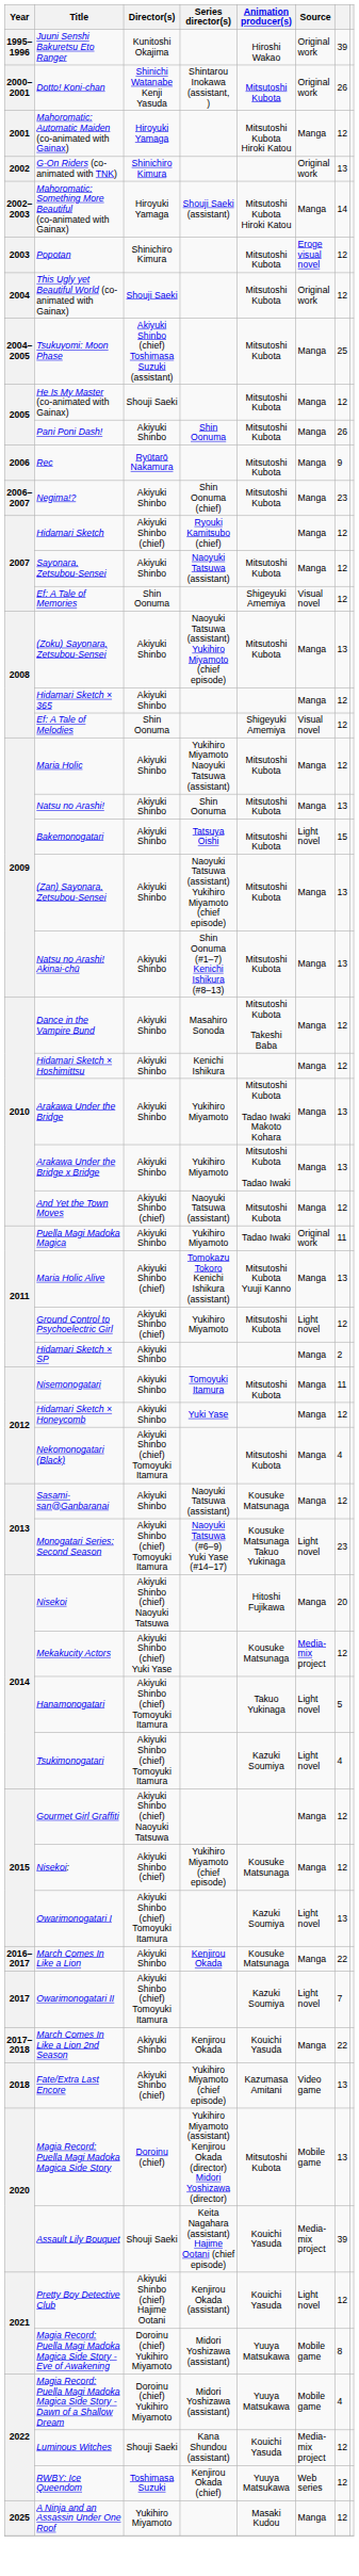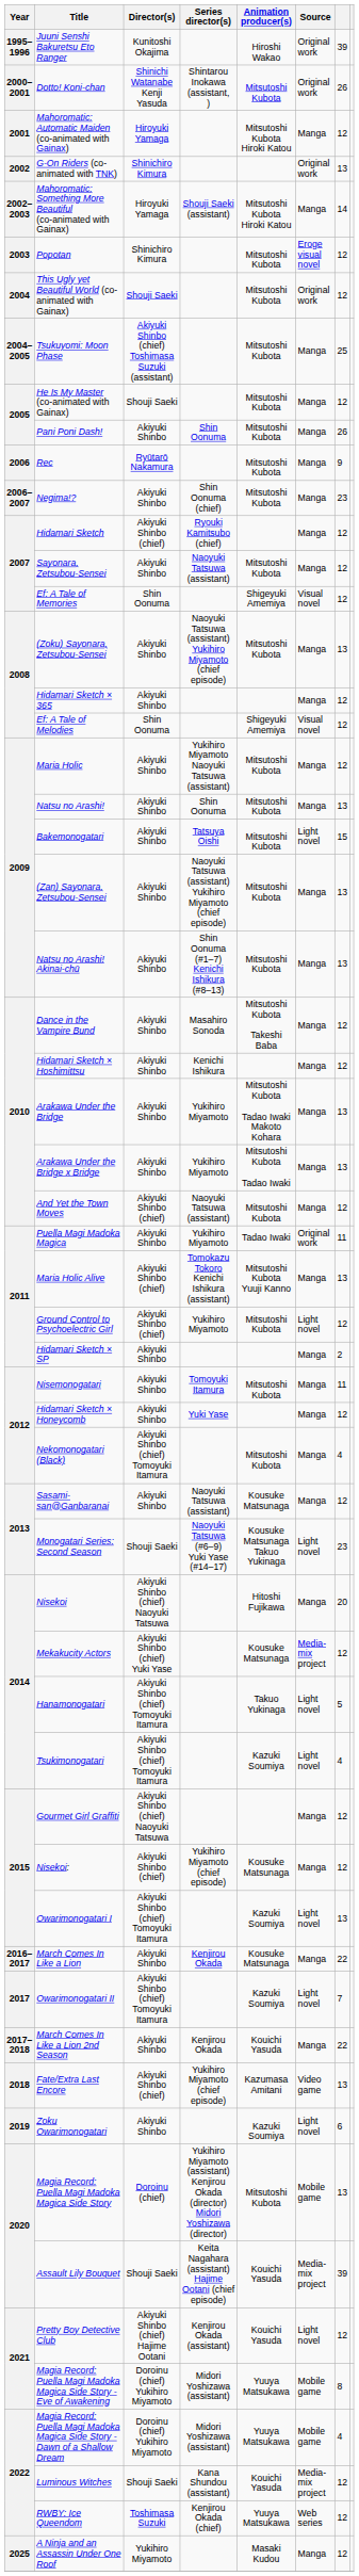 <table class="wikitable sortable plainrowheaders">
 <tr>
 <th scope="col" class="unsortable" width=10>Year</th>
 <th scope="col">Title</th>
 <th scope="col">Director(s)</th>
 <th scope="col">Series director(s)</th>
 <th scope="col"><a href='#'>Animation producer(s)</a></th>
 <th scope="col">Source</th>
 <th scope="col"></th>
 <th scope="col" class="unsortable"></th>
 </tr>
 <tr>
 <th scope="row">1995–1996</th>
 <td><em><a href='#'>Juuni Senshi Bakuretsu Eto Ranger</a></em></td>
 <td style=text-align:center>Kunitoshi Okajima</td>
 <td></td>
 <td style=text-align:center><br>Hiroshi Wakao</td>
 <td>Original work</td>
 <td>39</td>
 <td></td>
 </tr>
 <tr>
 <th scope="row">2000–2001</th>
 <td><em><a href='#'>Dotto! Koni-chan</a></em></td>
 <td style=text-align:center><a href='#'>Shinichi Watanabe</a> <br>Kenji Yasuda </td>
 <td style=text-align:center>Shintarou Inokawa (assistant,<br>)</td>
 <td style=text-align:center><br><a href='#'>Mitsutoshi Kubota</a></td>
 <td>Original work</td>
 <td>26</td>
 <td></td>
 </tr>
 <tr>
 <th scope="row">2001</th>
 <td><em><a href='#'>Mahoromatic: Automatic Maiden</a></em> (co-animated with <a href='#'>Gainax</a>)</td>
 <td style=text-align:center><a href='#'>Hiroyuki Yamaga</a></td>
 <td></td>
 <td style=text-align:center><br>Mitsutoshi Kubota<br>Hiroki Katou</td>
 <td>Manga</td>
 <td>12</td>
 <td></td>
 </tr>
 <tr>
 <th scope="row">2002</th>
 <td><em><a href='#'>G-On Riders</a></em> (co-animated with <a href='#'>TNK</a>)</td>
 <td style=text-align:center><a href='#'>Shinichiro Kimura</a></td>
 <td></td>
 <td></td>
 <td>Original work</td>
 <td>13</td>
 <td></td>
 </tr>
 <tr>
 <th scope="row">2002–2003</th>
 <td><em><a href='#'>Mahoromatic: Something More Beautiful</a></em><br>(co-animated with Gainax)</td>
 <td style=text-align:center>Hiroyuki Yamaga</td>
 <td style=text-align:center><a href='#'>Shouji Saeki</a> (assistant)</td>
 <td style=text-align:center><br>Mitsutoshi Kubota<br>Hiroki Katou</td>
 <td>Manga</td>
 <td>14</td>
 <td></td>
 </tr>
 <tr>
 <th scope="row">2003</th>
 <td><em><a href='#'>Popotan</a></em></td>
 <td style=text-align:center>Shinichiro Kimura</td>
 <td></td>
 <td style=text-align:center><br>Mitsutoshi Kubota</td>
 <td><a href='#'>Eroge</a> <a href='#'>visual novel</a></td>
 <td>12</td>
 <td></td>
 </tr>
 <tr>
 <th scope="row">2004</th>
 <td><em><a href='#'>This Ugly yet Beautiful World</a></em> (co-animated with Gainax)</td>
 <td style=text-align:center><a href='#'>Shouji Saeki</a></td>
 <td></td>
 <td style=text-align:center>Mitsutoshi Kubota</td>
 <td>Original work</td>
 <td>12</td>
 <td></td>
 </tr>
 <tr>
 <th scope="row">2004–2005</th>
 <td><em><a href='#'>Tsukuyomi: Moon Phase</a></em></td>
 <td style=text-align:center><a href='#'>Akiyuki Shinbo</a> (chief)<br><a href='#'>Toshimasa Suzuki</a> (assistant)</td>
 <td></td>
 <td style=text-align:center>Mitsutoshi Kubota</td>
 <td>Manga</td>
 <td>25</td>
 <td></td>
 </tr>
 <tr>
 <th scope="row" rowspan="2">2005</th>
 <td><em><a href='#'>He Is My Master</a></em> (co-animated with Gainax)</td>
 <td style=text-align:center>Shouji Saeki</td>
 <td></td>
 <td style=text-align:center>Mitsutoshi Kubota</td>
 <td>Manga</td>
 <td>12</td>
 <td></td>
 </tr>
 <tr>
 <td><em><a href='#'>Pani Poni Dash!</a></em></td>
 <td style=text-align:center>Akiyuki Shinbo</td>
 <td style=text-align:center><a href='#'>Shin Oonuma</a></td>
 <td style=text-align:center>Mitsutoshi Kubota</td>
 <td>Manga</td>
 <td>26</td>
 <td></td>
 </tr>
 <tr>
 <th scope="row">2006</th>
 <td><em><a href='#'>Rec</a></em></td>
 <td style=text-align:center><a href='#'>Ryūtarō Nakamura</a></td>
 <td></td>
 <td style=text-align:center><br>Mitsutoshi Kubota</td>
 <td>Manga</td>
 <td>9</td>
 <td></td>
 </tr>
 <tr>
 <th scope="row">2006–2007</th>
 <td><em><a href='#'>Negima!?</a></em></td>
 <td style=text-align:center>Akiyuki Shinbo</td>
 <td style=text-align:center>Shin Oonuma (chief)</td>
 <td style=text-align:center>Mitsutoshi Kubota</td>
 <td>Manga</td>
 <td>23</td>
 <td></td>
 </tr>
 <tr>
 <th scope="row" rowspan="3">2007</th>
 <td><em><a href='#'>Hidamari Sketch</a></em></td>
 <td style=text-align:center>Akiyuki Shinbo (chief)</td>
 <td style=text-align:center><a href='#'>Ryouki Kamitsubo</a> (chief)</td>
 <td></td>
 <td>Manga</td>
 <td>12</td>
 <td></td>
 </tr>
 <tr>
 <td><em><a href='#'>Sayonara, Zetsubou-Sensei</a></em></td>
 <td style=text-align:center>Akiyuki Shinbo</td>
 <td style=text-align:center><a href='#'>Naoyuki Tatsuwa</a> (assistant)</td>
 <td style=text-align:center>Mitsutoshi Kubota</td>
 <td>Manga</td>
 <td>12</td>
 <td></td>
 </tr>
 <tr>
 <td><em><a href='#'>Ef: A Tale of Memories</a></em></td>
 <td style=text-align:center>Shin Oonuma</td>
 <td></td>
 <td style=text-align:center>Shigeyuki Amemiya</td>
 <td>Visual novel</td>
 <td>12</td>
 <td></td>
 </tr>
 <tr>
 <th scope="row" rowspan="3">2008</th>
 <td><em><a href='#'>(Zoku) Sayonara, Zetsubou-Sensei</a></em></td>
 <td style=text-align:center>Akiyuki Shinbo</td>
 <td style=text-align:center>Naoyuki Tatsuwa (assistant)<br><a href='#'>Yukihiro Miyamoto</a> (chief episode)</td>
 <td style=text-align:center>Mitsutoshi Kubota</td>
 <td>Manga</td>
 <td>13</td>
 <td></td>
 </tr>
 <tr>
 <td><em><a href='#'>Hidamari Sketch × 365</a></em></td>
 <td style=text-align:center>Akiyuki Shinbo</td>
 <td></td>
 <td></td>
 <td>Manga</td>
 <td>12</td>
 <td></td>
 </tr>
 <tr>
 <td><em><a href='#'>Ef: A Tale of Melodies</a></em></td>
 <td style=text-align:center>Shin Oonuma</td>
 <td></td>
 <td style=text-align:center>Shigeyuki Amemiya</td>
 <td>Visual novel</td>
 <td>12</td>
 <td></td>
 </tr>
 <tr>
 <th scope="row" rowspan="5">2009</th>
 <td><em><a href='#'>Maria Holic</a></em></td>
 <td style=text-align:center>Akiyuki Shinbo</td>
 <td style=text-align:center>Yukihiro Miyamoto<br>Naoyuki Tatsuwa (assistant)</td>
 <td style=text-align:center>Mitsutoshi Kubota</td>
 <td>Manga</td>
 <td>12</td>
 <td></td>
 </tr>
 <tr>
 <td><em><a href='#'>Natsu no Arashi!</a></em></td>
 <td style=text-align:center>Akiyuki Shinbo</td>
 <td style=text-align:center>Shin Oonuma</td>
 <td style=text-align:center>Mitsutoshi Kubota</td>
 <td>Manga</td>
 <td>13</td>
 <td></td>
 </tr>
 <tr>
 <td><em><a href='#'>Bakemonogatari</a></em></td>
 <td style=text-align:center>Akiyuki Shinbo</td>
 <td style=text-align:center><a href='#'>Tatsuya Oishi</a></td>
 <td style=text-align:center><br>Mitsutoshi Kubota</td>
 <td>Light novel</td>
 <td>15</td>
 <td></td>
 </tr>
 <tr>
 <td><em><a href='#'>(Zan) Sayonara, Zetsubou-Sensei</a></em></td>
 <td style=text-align:center>Akiyuki Shinbo</td>
 <td style=text-align:center>Naoyuki Tatsuwa (assistant)<br>Yukihiro Miyamoto (chief episode)</td>
 <td style=text-align:center>Mitsutoshi Kubota</td>
 <td>Manga</td>
 <td>13</td>
 <td></td>
 </tr>
 <tr>
 <td><em><a href='#'>Natsu no Arashi! Akinai-chū</a></em></td>
 <td style=text-align:center>Akiyuki Shinbo</td>
 <td style=text-align:center>Shin Oonuma (#1–7)<br><a href='#'>Kenichi Ishikura</a> (#8–13)</td>
 <td style=text-align:center>Mitsutoshi Kubota</td>
 <td>Manga</td>
 <td>13</td>
 <td></td>
 </tr>
 <tr>
 <th scope="row" rowspan="5">2010</th>
 <td><em><a href='#'>Dance in the Vampire Bund</a></em></td>
 <td style=text-align:center>Akiyuki Shinbo</td>
 <td style=text-align:center>Masahiro Sonoda</td>
 <td style=text-align:center>Mitsutoshi Kubota<br><br>Takeshi Baba</td>
 <td>Manga</td>
 <td>12</td>
 <td></td>
 </tr>
 <tr>
 <td><em><a href='#'>Hidamari Sketch × Hoshimittsu</a></em></td>
 <td style=text-align:center>Akiyuki Shinbo</td>
 <td style=text-align:center>Kenichi Ishikura</td>
 <td></td>
 <td>Manga</td>
 <td>12</td>
 <td></td>
 </tr>
 <tr>
 <td><em><a href='#'>Arakawa Under the Bridge</a></em></td>
 <td style=text-align:center>Akiyuki Shinbo</td>
 <td style=text-align:center>Yukihiro Miyamoto</td>
 <td style=text-align:center>Mitsutoshi Kubota<br><br>Tadao Iwaki<br>Makoto Kohara</td>
 <td>Manga</td>
 <td>13</td>
 <td></td>
 </tr>
 <tr>
 <td><em><a href='#'>Arakawa Under the Bridge x Bridge</a></em></td>
 <td style=text-align:center>Akiyuki Shinbo</td>
 <td style=text-align:center>Yukihiro Miyamoto</td>
 <td style=text-align:center>Mitsutoshi Kubota<br><br>Tadao Iwaki</td>
 <td>Manga</td>
 <td>13</td>
 <td></td>
 </tr>
 <tr>
 <td><em><a href='#'>And Yet the Town Moves</a></em></td>
 <td style=text-align:center>Akiyuki Shinbo (chief)</td>
 <td style=text-align:center>Naoyuki Tatsuwa (assistant)</td>
 <td style=text-align:center><br>Mitsutoshi Kubota</td>
 <td>Manga</td>
 <td>12</td>
 <td></td>
 </tr>
 <tr>
 <th scope="row" rowspan="4">2011</th>
 <td><em><a href='#'>Puella Magi Madoka Magica</a></em></td>
 <td style=text-align:center>Akiyuki Shinbo</td>
 <td style=text-align:center>Yukihiro Miyamoto</td>
 <td style=text-align:center>Tadao Iwaki</td>
 <td>Original work</td>
 <td>11</td>
 <td></td>
 </tr>
 <tr>
 <td><em><a href='#'>Maria Holic Alive</a></em></td>
 <td style=text-align:center>Akiyuki Shinbo (chief)</td>
 <td style=text-align:center><a href='#'>Tomokazu Tokoro</a><br>Kenichi Ishikura (assistant)</td>
 <td style=text-align:center>Mitsutoshi Kubota<br>Yuuji Kanno</td>
 <td>Manga</td>
 <td>13</td>
 <td></td>
 </tr>
 <tr>
 <td><em><a href='#'>Ground Control to Psychoelectric Girl</a></em></td>
 <td style=text-align:center>Akiyuki Shinbo (chief)</td>
 <td style=text-align:center>Yukihiro Miyamoto</td>
 <td style=text-align:center>Mitsutoshi Kubota</td>
 <td>Light novel</td>
 <td>12</td>
 <td></td>
 </tr>
 <tr>
 <td><em><a href='#'>Hidamari Sketch × SP</a></em></td>
 <td style=text-align:center>Akiyuki Shinbo</td>
 <td></td>
 <td></td>
 <td>Manga</td>
 <td>2</td>
 <td></td>
 </tr>
 <tr>
 <th scope="row" rowspan="3">2012</th>
 <td><em><a href='#'>Nisemonogatari</a></em></td>
 <td style=text-align:center>Akiyuki Shinbo</td>
 <td style=text-align:center><a href='#'>Tomoyuki Itamura</a></td>
 <td style=text-align:center><br>Mitsutoshi Kubota</td>
 <td>Manga</td>
 <td>11</td>
 <td></td>
 </tr>
 <tr>
 <td><em><a href='#'>Hidamari Sketch × Honeycomb</a></em></td>
 <td style=text-align:center>Akiyuki Shinbo</td>
 <td style=text-align:center><a href='#'>Yuki Yase</a></td>
 <td></td>
 <td>Manga</td>
 <td>12</td>
 <td></td>
 </tr>
 <tr>
 <td><em><a href='#'>Nekomonogatari (Black)</a></em></td>
 <td style=text-align:center>Akiyuki Shinbo (chief)<br>Tomoyuki Itamura</td>
 <td></td>
 <td style=text-align:center><br>Mitsutoshi Kubota</td>
 <td>Manga</td>
 <td>4</td>
 <td></td>
 </tr>
 <tr>
 <th scope="row" rowspan="2">2013</th>
 <td><em><a href='#'>Sasami-san@Ganbaranai</a></em></td>
 <td style=text-align:center>Akiyuki Shinbo</td>
 <td style=text-align:center>Naoyuki Tatsuwa (assistant)</td>
 <td style=text-align:center>Kousuke Matsunaga</td>
 <td>Manga</td>
 <td>12</td>
 <td></td>
 </tr>
 <tr>
 <td><em><a href='#'>Monogatari Series: Second Season</a></em></td>
-<td style=text-align:center>Akiyuki Shinbo (chief)<br>Tomoyuki Itamura</td>
+<td style=text-align:center>Shouji Saeki</td>
 <td style=text-align:center><a href='#'>Naoyuki Tatsuwa</a> (#6–9)<br>Yuki Yase (#14–17)</td>
 <td style=text-align:center>Kousuke Matsunaga<br>Takuo Yukinaga</td>
 <td>Light novel</td>
 <td>23</td>
 <td></td>
 </tr>
 <tr>
 <th scope="row" rowspan="4">2014</th>
 <td><em><a href='#'>Nisekoi</a></em></td>
 <td style=text-align:center>Akiyuki Shinbo (chief)<br>Naoyuki Tatsuwa</td>
 <td></td>
 <td style=text-align:center>Hitoshi Fujikawa</td>
 <td>Manga</td>
 <td>20</td>
 <td></td>
 </tr>
 <tr>
 <td><em><a href='#'>Mekakucity Actors</a></em></td>
 <td style=text-align:center>Akiyuki Shinbo (chief)<br>Yuki Yase</td>
 <td></td>
 <td style=text-align:center>Kousuke Matsunaga</td>
 <td><a href='#'>Media-mix</a> project</td>
 <td>12</td>
 <td></td>
 </tr>
 <tr>
 <td><em><a href='#'>Hanamonogatari</a></em></td>
 <td style=text-align:center>Akiyuki Shinbo (chief)<br>Tomoyuki Itamura</td>
 <td></td>
 <td style=text-align:center>Takuo Yukinaga</td>
 <td>Light novel</td>
 <td>5</td>
 <td></td>
 </tr>
 <tr>
 <td><em><a href='#'>Tsukimonogatari</a></em></td>
 <td style=text-align:center>Akiyuki Shinbo (chief)<br>Tomoyuki Itamura</td>
 <td></td>
 <td style=text-align:center>Kazuki Soumiya</td>
 <td>Light novel</td>
 <td>4</td>
 <td></td>
 </tr>
 <tr>
 <th scope="row" rowspan="3">2015</th>
 <td><em><a href='#'>Gourmet Girl Graffiti</a></em></td>
 <td style=text-align:center>Akiyuki Shinbo (chief)<br>Naoyuki Tatsuwa</td>
 <td></td>
 <td></td>
 <td>Manga</td>
 <td>12</td>
 <td></td>
 </tr>
 <tr>
 <td><em><a href='#'>Nisekoi</a>:</em></td>
 <td style=text-align:center>Akiyuki Shinbo (chief)</td>
 <td style=text-align:center>Yukihiro Miyamoto (chief episode)</td>
 <td style=text-align:center>Kousuke Matsunaga</td>
 <td>Manga</td>
 <td>12</td>
 <td></td>
 </tr>
 <tr>
 <td><em><a href='#'>Owarimonogatari I</a></em></td>
 <td style=text-align:center>Akiyuki Shinbo (chief)<br>Tomoyuki Itamura</td>
 <td></td>
 <td style=text-align:center>Kazuki Soumiya</td>
 <td>Light novel</td>
 <td>13</td>
 <td></td>
 </tr>
 <tr>
 <th scope="row">2016–2017</th>
 <td><em><a href='#'>March Comes In Like a Lion</a></em></td>
 <td style=text-align:center>Akiyuki Shinbo</td>
 <td style=text-align:center><a href='#'>Kenjirou Okada</a></td>
 <td style=text-align:center>Kousuke Matsunaga</td>
 <td>Manga</td>
 <td>22</td>
 <td></td>
 </tr>
 <tr>
 <th scope="row">2017</th>
 <td><em><a href='#'>Owarimonogatari II</a></em></td>
 <td style=text-align:center>Akiyuki Shinbo (chief)<br>Tomoyuki Itamura</td>
 <td></td>
 <td style=text-align:center>Kazuki Soumiya</td>
 <td>Light novel</td>
 <td>7</td>
 <td></td>
 </tr>
 <tr>
 <th scope="row">2017–2018</th>
 <td><em><a href='#'>March Comes In Like a Lion 2nd Season</a></em></td>
 <td style=text-align:center>Akiyuki Shinbo</td>
 <td style=text-align:center>Kenjirou Okada</td>
 <td style=text-align:center>Kouichi Yasuda</td>
 <td>Manga</td>
 <td>22</td>
 <td></td>
 </tr>
 <tr>
 <th scope="row">2018</th>
 <td><em><a href='#'>Fate/Extra Last Encore</a></em></td>
 <td style=text-align:center>Akiyuki Shinbo (chief)</td>
 <td style=text-align:center>Yukihiro Miyamoto (chief episode)</td>
 <td style=text-align:center>Kazumasa Amitani</td>
 <td>Video game</td>
 <td>13</td>
 <td></td>
 </tr>
 <tr>
+<th scope="row">2019</th>
+<td><em><a href='#'>Zoku Owarimonogatari</a></em></td>
+<td style=text-align:center>Akiyuki Shinbo</td>
+<td></td>
+<td style=text-align:center><br>Kazuki Soumiya</td>
+<td>Light novel</td>
+<td>6</td>
+<td></td>
+</tr>
+<tr>
 <th scope="row" rowspan="2">2020</th>
 <td><em><a href='#'>Magia Record: Puella Magi Madoka Magica Side Story</a></em></td>
 <td style=text-align:center><a href='#'>Doroinu</a> (chief)</td>
 <td style=text-align:center>Yukihiro Miyamoto (assistant)<br>Kenjirou Okada (director)<br><a href='#'>Midori Yoshizawa</a> (director)</td>
 <td style=text-align:center><br>Mitsutoshi Kubota</td>
 <td>Mobile game</td>
 <td>13</td>
 <td></td>
 </tr>
 <tr>
 <td><em><a href='#'>Assault Lily Bouquet</a></em></td>
 <td style=text-align:center>Shouji Saeki</td>
 <td style=text-align:center>Keita Nagahara (assistant)<br><a href='#'>Hajime Ootani</a> (chief episode)</td>
 <td style=text-align:center>Kouichi Yasuda</td>
 <td>Media-mix project</td>
 <td>39</td>
 <td></td>
 </tr>
 <tr>
 <th scope="row" rowspan="2">2021</th>
 <td><em><a href='#'>Pretty Boy Detective Club</a></em></td>
 <td style=text-align:center>Akiyuki Shinbo (chief)<br>Hajime Ootani</td>
 <td style=text-align:center>Kenjirou Okada (assistant)</td>
 <td style=text-align:center>Kouichi Yasuda</td>
 <td>Light novel</td>
 <td>12</td>
 <td></td>
 </tr>
 <tr>
 <td><em><a href='#'>Magia Record: Puella Magi Madoka Magica Side Story - <br>Eve of Awakening</a></em></td>
 <td style=text-align:center>Doroinu (chief)<br>Yukihiro Miyamoto</td>
 <td style=text-align:center>Midori Yoshizawa (assistant)</td>
 <td style=text-align:center>Yuuya Matsukawa</td>
 <td>Mobile game</td>
 <td>8</td>
 <td></td>
 </tr>
 <tr>
 <th scope="row" rowspan="3">2022</th>
 <td><em><a href='#'>Magia Record: Puella Magi Madoka Magica Side Story - <br>Dawn of a Shallow Dream</a></em></td>
 <td style=text-align:center>Doroinu (chief)<br>Yukihiro Miyamoto</td>
 <td style=text-align:center>Midori Yoshizawa (assistant)</td>
 <td style=text-align:center>Yuuya Matsukawa</td>
 <td>Mobile game</td>
 <td>4</td>
 <td></td>
 </tr>
 <tr>
 <td><em><a href='#'>Luminous Witches</a></em></td>
 <td style=text-align:center>Shouji Saeki</td>
 <td style=text-align:center>Kana Shundou (assistant)</td>
 <td style=text-align:center>Kouichi Yasuda</td>
 <td>Media-mix project</td>
 <td>12</td>
 <td></td>
 </tr>
 <tr>
 <td><em><a href='#'>RWBY: Ice Queendom</a></em></td>
 <td style=text-align:center><a href='#'>Toshimasa Suzuki</a></td>
 <td style=text-align:center>Kenjirou Okada (chief)</td>
 <td style=text-align:center>Yuuya Matsukawa</td>
 <td>Web series</td>
 <td>12</td>
 <td></td>
 </tr>
 <tr>
 <th scope = row>2025</th>
 <td><em><a href='#'>A Ninja and an Assassin Under One Roof</a></em></td>
 <td style=text-align:center>Yukihiro Miyamoto</td>
 <td></td>
 <td style=text-align:center>Masaki Kudou</td>
 <td>Manga</td>
 <td>12</td>
 <td></td>
 </tr>
 <tr>
 </tr>
 </table>
